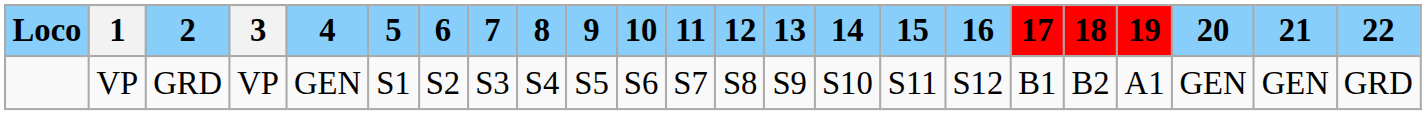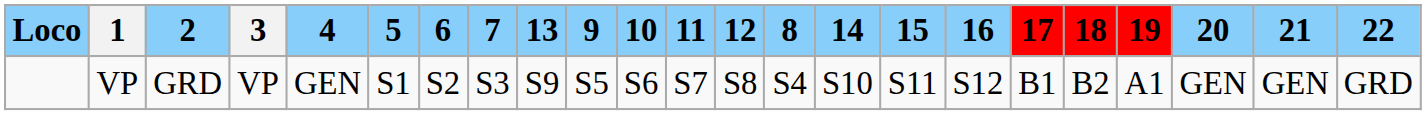 <table class="wikitable plainrowheaders unsortable" style="text-align:center">
 <tr>
 <th scope="col" rowspan="1" style="background:lightskyblue;">Loco</th>
 <th scope="col" rowspan="1" style="background:Lightbrown;">1</th>
 <th scope="col" rowspan="1" style="background:lightskyblue;">2</th>
 <th scope="col" rowspan="1" style="background:lightbrown;">3</th>
 <th scope="col" rowspan="1" style="background:lightskyblue;">4</th>
 <th scope="col" rowspan="1" style="background:lightskyblue;">5</th>
 <th scope="col" rowspan="1" style="background:lightskyblue;">6</th>
 <th scope="col" rowspan="1" style="background:lightskyblue;">7</th>
-<th scope="col" rowspan="1" style="background:lightskyblue;">8</th>
+<th scope="col" rowspan="1" style="background:lightskyblue;">13</th>
 <th scope="col" rowspan="1" style="background:lightskyblue;">9</th>
 <th scope="col" rowspan="1" style="background:lightskyblue;">10</th>
 <th scope="col" rowspan="1" style="background:lightskyblue;">11</th>
 <th scope="col" rowspan="1" style="background:lightskyblue;">12</th>
-<th scope="col" rowspan="1" style="background:lightskyblue;">13</th>
+<th scope="col" rowspan="1" style="background:lightskyblue;">8</th>
 <th scope="col" rowspan="1" style="background:lightskyblue;">14</th>
 <th scope="col" rowspan="1" style="background:lightskyblue;">15</th>
 <th scope="col" rowspan="1" style="background:lightskyblue;">16</th>
 <th scope="col" rowspan="1" style="background:RED;">17</th>
 <th scope="col" rowspan="1" style="background:RED;">18</th>
 <th scope="col" rowspan="1" style="background:RED;">19</th>
 <th scope="col" rowspan="1" style="background:lightskyblue;">20</th>
 <th scope="col" rowspan="1" style="background:lightskyblue;">21</th>
 <th scope="col" rowspan="1" style="background:lightskyblue;">22</th>
 </tr>
 <tr>
 <td></td>
 <td>VP</td>
 <td>GRD</td>
 <td>VP</td>
 <td>GEN</td>
 <td>S1</td>
 <td>S2</td>
 <td>S3</td>
-<td>S4</td>
+<td>S9</td>
 <td>S5</td>
 <td>S6</td>
 <td>S7</td>
 <td>S8</td>
-<td>S9</td>
+<td>S4</td>
 <td>S10</td>
 <td>S11</td>
 <td>S12</td>
 <td>B1</td>
 <td>B2</td>
 <td>A1</td>
 <td>GEN</td>
 <td>GEN</td>
 <td>GRD</td>
 </tr>
 </table>
